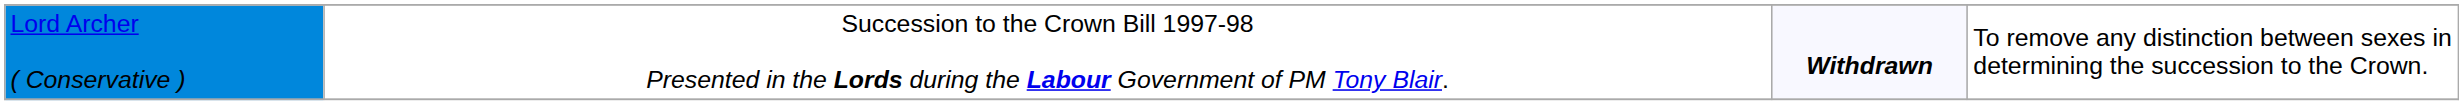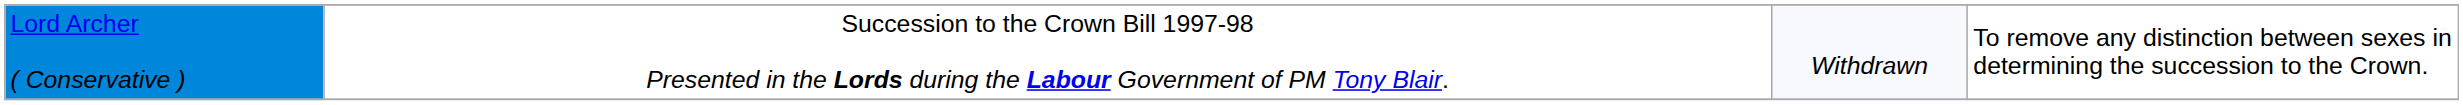 <table class="wikitable" width="100%">
 <tr bgcolor="#F8F8FF">
 </tr>
 <tr align="center" bgcolor="#F8F8FF">
 <td style="width: 13%;" align="left" bgcolor="#0087DC"><a href='#'>Lord Archer</a><br><br><em>( Conservative )</em></td>
 <td style="width: 59%;" bgcolor="#FFFFFF" align="center">Succession to the Crown Bill 1997-98<br><br><em>Presented in the <strong>Lords</strong> during the <strong><a href='#'>Labour</a></strong> Government of PM <a href='#'>Tony Blair</a></em>.</td>
-<td style="width: 8%;"><strong><br><em>Withdrawn</em></strong></td>
+<td style="width: 8%;"><br><em>Withdrawn</em></td>
 <td align="left" bgcolor="#FFFFFF">To remove any distinction between sexes in determining the succession to the Crown.</td>
 </tr>
 <tr>
 </tr>
 </table>
